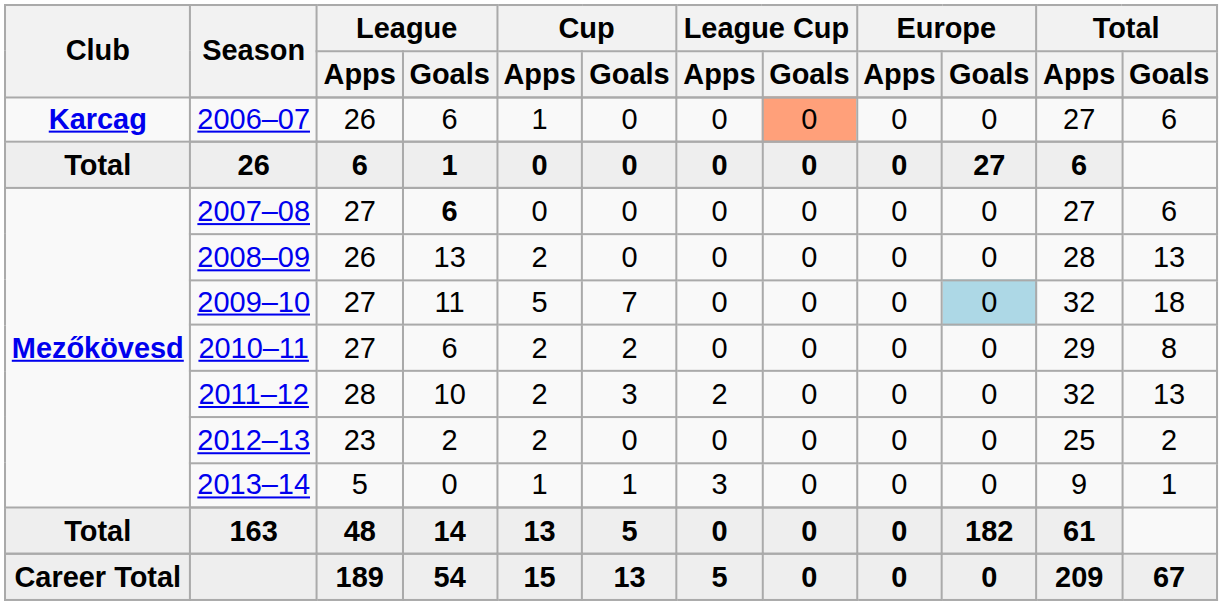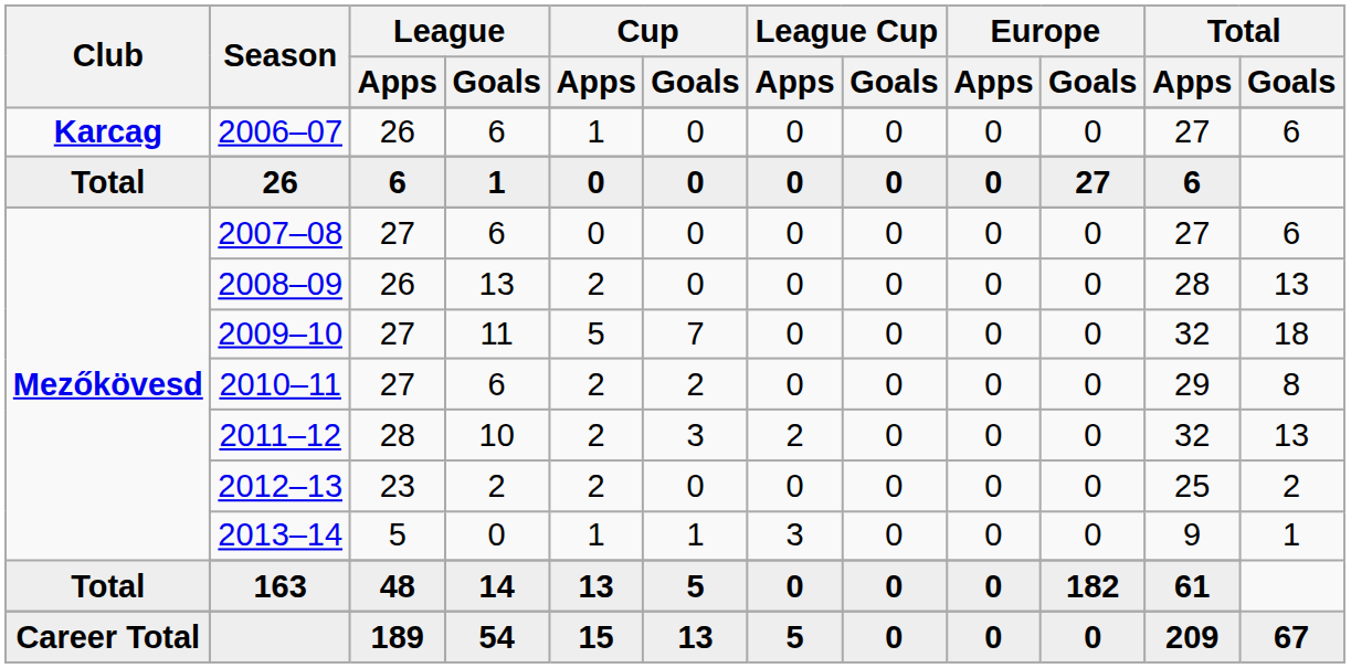 <table class="wikitable" style="font-size:90%; text-align: center;">
 <tr>
 <th rowspan="2">Club</th>
 <th rowspan="2">Season</th>
 <th colspan="2">League</th>
 <th colspan="2">Cup</th>
 <th colspan="2">League Cup</th>
 <th colspan="2">Europe</th>
 <th colspan="2">Total</th>
 </tr>
 <tr>
 <th>Apps</th>
 <th>Goals</th>
 <th>Apps</th>
 <th>Goals</th>
 <th>Apps</th>
 <th>Goals</th>
 <th>Apps</th>
 <th>Goals</th>
 <th>Apps</th>
 <th>Goals</th>
 </tr>
 <tr ||-||-||-|->
 <td rowspan="3" valign="center"><strong><a href='#'>Karcag</a></strong></td>
 </tr>
 <tr>
 <td><a href='#'>2006–07</a></td>
 <td>26</td>
 <td>6</td>
 <td>1</td>
 <td>0</td>
 <td>0</td>
-<td style="background: lightsalmon;">0</td>
+<td>0</td>
 <td>0</td>
 <td>0</td>
 <td>27</td>
 <td>6</td>
 </tr>
 <tr>
 </tr>
 <tr style="font-weight:bold; background-color:#eeeeee;">
 <td>Total</td>
 <td>26</td>
 <td>6</td>
 <td>1</td>
 <td>0</td>
 <td>0</td>
 <td>0</td>
 <td>0</td>
 <td>0</td>
 <td>27</td>
 <td>6</td>
 </tr>
 <tr>
 <td rowspan="9" valign="center"><strong><a href='#'>Mezőkövesd</a></strong></td>
 </tr>
 <tr>
 <td><a href='#'>2007–08</a></td>
 <td>27</td>
-<td><strong>6</strong></td>
+<td>6</td>
 <td>0</td>
 <td>0</td>
 <td>0</td>
 <td>0</td>
 <td>0</td>
 <td>0</td>
 <td>27</td>
 <td>6</td>
 </tr>
 <tr>
 <td><a href='#'>2008–09</a></td>
 <td>26</td>
 <td>13</td>
 <td>2</td>
 <td>0</td>
 <td>0</td>
 <td>0</td>
 <td>0</td>
 <td>0</td>
 <td>28</td>
 <td>13</td>
 </tr>
 <tr>
 <td><a href='#'>2009–10</a></td>
 <td>27</td>
 <td>11</td>
 <td>5</td>
 <td>7</td>
 <td>0</td>
 <td>0</td>
 <td>0</td>
-<td style="background: lightblue;">0</td>
+<td>0</td>
 <td>32</td>
 <td>18</td>
 </tr>
 <tr>
 <td><a href='#'>2010–11</a></td>
 <td>27</td>
 <td>6</td>
 <td>2</td>
 <td>2</td>
 <td>0</td>
 <td>0</td>
 <td>0</td>
 <td>0</td>
 <td>29</td>
 <td>8</td>
 </tr>
 <tr>
 <td><a href='#'>2011–12</a></td>
 <td>28</td>
 <td>10</td>
 <td>2</td>
 <td>3</td>
 <td>2</td>
 <td>0</td>
 <td>0</td>
 <td>0</td>
 <td>32</td>
 <td>13</td>
 </tr>
 <tr>
 <td><a href='#'>2012–13</a></td>
 <td>23</td>
 <td>2</td>
 <td>2</td>
 <td>0</td>
 <td>0</td>
 <td>0</td>
 <td>0</td>
 <td>0</td>
 <td>25</td>
 <td>2</td>
 </tr>
 <tr>
 <td><a href='#'>2013–14</a></td>
 <td>5</td>
 <td>0</td>
 <td>1</td>
 <td>1</td>
 <td>3</td>
 <td>0</td>
 <td>0</td>
 <td>0</td>
 <td>9</td>
 <td>1</td>
 </tr>
 <tr>
 </tr>
 <tr style="font-weight:bold; background-color:#eeeeee;">
 <td>Total</td>
 <td>163</td>
 <td>48</td>
 <td>14</td>
 <td>13</td>
 <td>5</td>
 <td>0</td>
 <td>0</td>
 <td>0</td>
 <td>182</td>
 <td>61</td>
 </tr>
 <tr>
 </tr>
 <tr style="font-weight:bold; background-color:#eeeeee;">
 <td rowspan="1" valign="top"><strong>Career Total</strong></td>
 <td></td>
 <td><strong>189</strong></td>
 <td><strong>54</strong></td>
 <td><strong>15</strong></td>
 <td><strong>13</strong></td>
 <td><strong>5</strong></td>
 <td><strong>0</strong></td>
 <td><strong>0</strong></td>
 <td><strong>0</strong></td>
 <td><strong>209</strong></td>
 <td><strong>67</strong></td>
 </tr>
 </table>
